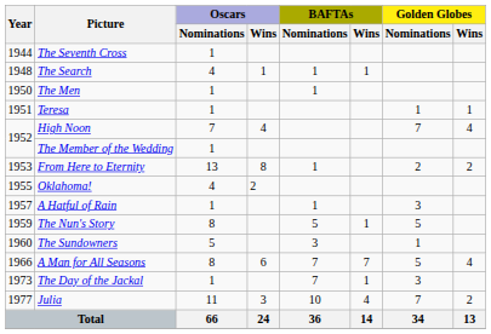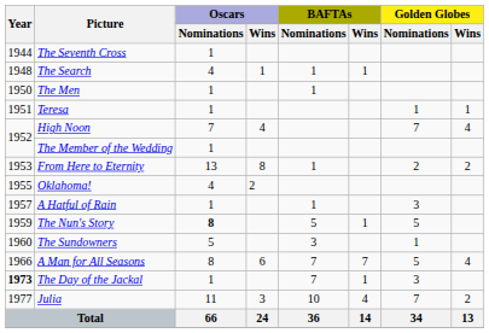 <table class="wikitable">
 <tr>
 <th rowspan="2">Year</th>
 <th rowspan="2">Picture</th>
 <th colspan="2" style="background-color:#aaaade;">Oscars</th>
 <th colspan="2" style="background-color:#aa0;">BAFTAs</th>
 <th colspan="2" style="background-color:#fe1;">Golden Globes</th>
 </tr>
 <tr>
 <th>Nominations</th>
 <th>Wins</th>
 <th>Nominations</th>
 <th>Wins</th>
 <th>Nominations</th>
 <th>Wins</th>
 </tr>
 <tr>
 <td>1944</td>
 <td><em><a href='#'>The Seventh Cross</a></em></td>
 <td align=center>1</td>
 <td></td>
 <td></td>
 <td></td>
 <td></td>
 <td></td>
 </tr>
 <tr>
 <td>1948</td>
 <td><em><a href='#'>The Search</a></em></td>
 <td align=center>4</td>
 <td align=center>1</td>
 <td align=center>1</td>
 <td align=center>1</td>
 <td></td>
 <td></td>
 </tr>
 <tr>
 <td>1950</td>
 <td><em><a href='#'>The Men</a></em></td>
 <td align=center>1</td>
 <td></td>
 <td align=center>1</td>
 <td></td>
 <td></td>
 <td></td>
 </tr>
 <tr>
 <td>1951</td>
 <td><em><a href='#'>Teresa</a></em></td>
 <td align=center>1</td>
 <td></td>
 <td></td>
 <td></td>
 <td align=center>1</td>
 <td align=center>1</td>
 </tr>
 <tr>
 <td rowspan="2">1952</td>
 <td><em><a href='#'>High Noon</a></em></td>
 <td align=center>7</td>
 <td align=center>4</td>
 <td></td>
 <td></td>
 <td align=center>7</td>
 <td align=center>4</td>
 </tr>
 <tr>
 <td><em><a href='#'>The Member of the Wedding</a></em></td>
 <td align=center>1</td>
 <td></td>
 <td></td>
 <td></td>
 <td></td>
 <td></td>
 </tr>
 <tr>
 <td>1953</td>
 <td><em><a href='#'>From Here to Eternity</a></em></td>
 <td align=center>13</td>
 <td align=center>8</td>
 <td align=center>1</td>
 <td></td>
 <td align=center>2</td>
 <td align=center>2</td>
 </tr>
 <tr>
 <td>1955</td>
 <td><em><a href='#'>Oklahoma!</a></em></td>
 <td align=center>4</td>
 <td ailgn=center>2</td>
 <td></td>
 <td></td>
 <td></td>
 <td></td>
 </tr>
 <tr>
 <td>1957</td>
 <td><em><a href='#'>A Hatful of Rain</a></em></td>
 <td align=center>1</td>
 <td></td>
 <td align=center>1</td>
 <td></td>
 <td align=center>3</td>
 <td></td>
 </tr>
 <tr>
 <td>1959</td>
 <td><em><a href='#'>The Nun's Story</a></em></td>
-<td align=center>8</td>
+<td align=center><strong>8</strong></td>
 <td></td>
 <td align=center>5</td>
 <td align=center>1</td>
 <td align=center>5</td>
 <td></td>
 </tr>
 <tr>
 <td>1960</td>
 <td><em><a href='#'>The Sundowners</a></em></td>
 <td align=center>5</td>
 <td></td>
 <td align=center>3</td>
 <td></td>
 <td align=center>1</td>
 <td></td>
 </tr>
 <tr>
 <td>1966</td>
 <td><em><a href='#'>A Man for All Seasons</a></em></td>
 <td align=center>8</td>
 <td align=center>6</td>
 <td align=center>7</td>
 <td align=center>7</td>
 <td align=center>5</td>
 <td align=center>4</td>
 </tr>
 <tr>
-<td>1973</td>
+<td><strong>1973</strong></td>
 <td><em><a href='#'>The Day of the Jackal</a></em></td>
 <td align=center>1</td>
 <td></td>
 <td align=center>7</td>
 <td align=center>1</td>
 <td align=center>3</td>
 <td></td>
 </tr>
 <tr>
 <td>1977</td>
 <td><em><a href='#'>Julia</a></em></td>
 <td align=center>11</td>
 <td align=center>3</td>
 <td align=center>10</td>
 <td align=center>4</td>
 <td align=center>7</td>
 <td align=center>2</td>
 </tr>
 <tr>
 <th colspan="2" style="background-color:#bcc5cb;">Total</th>
 <th>66</th>
 <th>24</th>
 <th>36</th>
 <th>14</th>
 <th>34</th>
 <th>13</th>
 </tr>
 <tr>
 </tr>
 </table>
